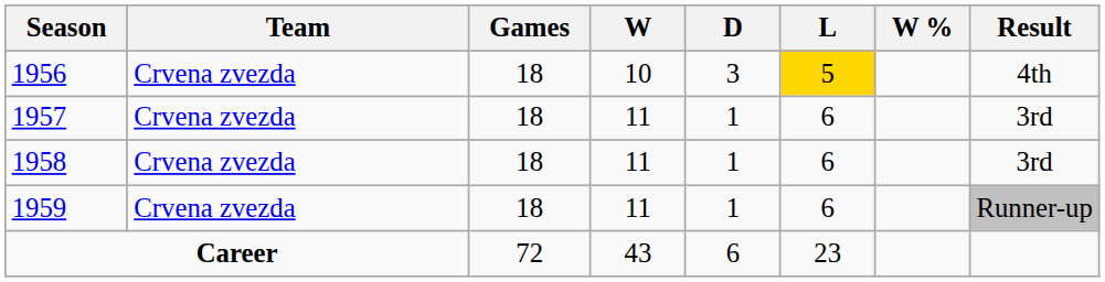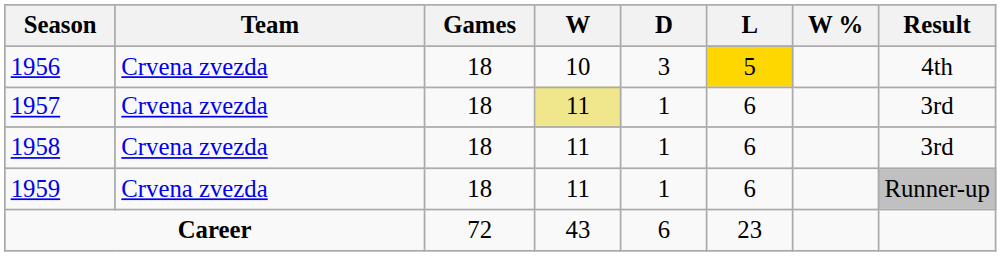 <table class="wikitable sortable" style="font-size:90%; text-align:center;">
 <tr>
 <th scope="col" style="width:4em">Season</th>
 <th scope="col" style="width:12em">Team</th>
 <th scope="col" style="width:4em">Games</th>
 <th scope="col" style="width:3em">W</th>
 <th scope="col" style="width:3em">D</th>
 <th scope="col" style="width:3em">L</th>
 <th scope="col" style="width:3em">W %</th>
 <th scope="col">Result</th>
 </tr>
 <tr>
 <td align="left"><a href='#'>1956</a></td>
 <td align="left"><a href='#'>Crvena zvezda</a></td>
 <td>18</td>
 <td>10</td>
 <td>3</td>
 <td style="background: gold;">5</td>
 <td></td>
 <td align="centar">4th</td>
 </tr>
 <tr>
 <td align="left"><a href='#'>1957</a></td>
 <td align="left"><a href='#'>Crvena zvezda</a></td>
 <td>18</td>
-<td>11</td>
+<td style="background: khaki;">11</td>
 <td>1</td>
 <td>6</td>
 <td></td>
 <td align="centar">3rd</td>
 </tr>
 <tr>
 <td align="left"><a href='#'>1958</a></td>
 <td align="left"><a href='#'>Crvena zvezda</a></td>
 <td>18</td>
 <td>11</td>
 <td>1</td>
 <td>6</td>
 <td></td>
 <td align="centar">3rd</td>
 </tr>
 <tr>
 <td align="left"><a href='#'>1959</a></td>
 <td align="left"><a href='#'>Crvena zvezda</a></td>
 <td>18</td>
 <td>11</td>
 <td>1</td>
 <td>6</td>
 <td></td>
 <td style="background:silver;">Runner-up</td>
 </tr>
 <tr class="sortbottom">
 <td align="center" colspan=2><strong>Career</strong></td>
 <td>72</td>
 <td>43</td>
 <td>6</td>
 <td>23</td>
 <td></td>
 <td></td>
 </tr>
 </table>
